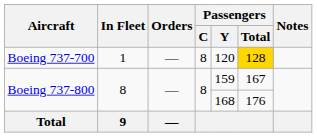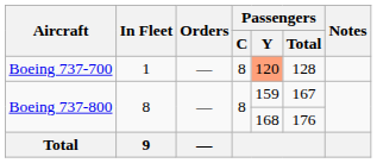 <table class="wikitable" style="border-collapse:collapse;font-size: 100%;text-align:center">
 <tr>
 <th rowspan="2">Aircraft</th>
 <th rowspan="2">In Fleet</th>
 <th rowspan="2">Orders</th>
 <th colspan="3">Passengers</th>
 <th rowspan="2">Notes</th>
 </tr>
 <tr>
 <th><abbr>C</abbr></th>
 <th><abbr>Y</abbr></th>
 <th>Total</th>
 </tr>
 <tr>
 <td><a href='#'>Boeing 737-700</a></td>
 <td>1</td>
 <td>—</td>
 <td>8</td>
-<td>120</td>
-<td style="background: gold;">128</td>
+<td style="background: lightsalmon;">120</td>
+<td>128</td>
 <td></td>
 </tr>
 <tr>
 <td rowspan="2"><a href='#'>Boeing 737-800</a></td>
 <td rowspan="2">8</td>
 <td rowspan="2">—</td>
 <td rowspan="2">8</td>
 <td>159</td>
 <td>167</td>
 <td rowspan="2"></td>
 </tr>
 <tr>
 <td>168</td>
 <td>176</td>
 </tr>
 <tr>
 <th>Total</th>
 <th>9</th>
 <th>—</th>
 <th colspan="3"></th>
 <th></th>
 </tr>
 </table>
